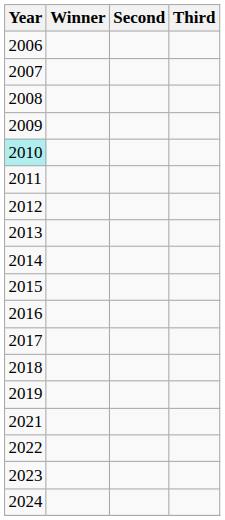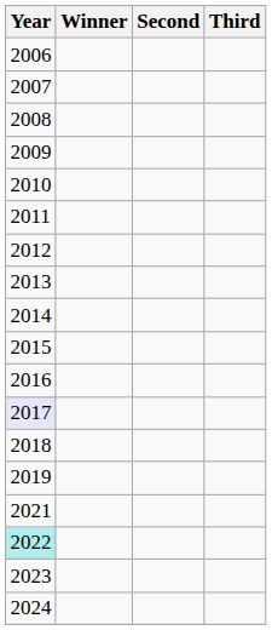 <table class="wikitable">
 <tr>
 <th>Year</th>
 <th>Winner</th>
 <th>Second</th>
 <th>Third</th>
 </tr>
 <tr>
 <td>2006</td>
 <td></td>
 <td></td>
 <td></td>
 </tr>
 <tr>
 <td>2007</td>
 <td></td>
 <td></td>
 <td></td>
 </tr>
 <tr>
 <td>2008</td>
 <td></td>
 <td></td>
 <td></td>
 </tr>
 <tr>
 <td>2009</td>
 <td></td>
 <td></td>
 <td></td>
 </tr>
 <tr>
-<td style="background: paleturquoise;">2010</td>
+<td>2010</td>
 <td></td>
 <td></td>
 <td></td>
 </tr>
 <tr>
 <td>2011</td>
 <td></td>
 <td></td>
 <td></td>
 </tr>
 <tr>
 <td>2012</td>
 <td></td>
 <td></td>
 <td></td>
 </tr>
 <tr>
 <td>2013</td>
 <td></td>
 <td></td>
 <td></td>
 </tr>
 <tr>
 <td>2014</td>
 <td></td>
 <td></td>
 <td></td>
 </tr>
 <tr>
 <td>2015</td>
 <td></td>
 <td></td>
 <td></td>
 </tr>
 <tr>
 <td>2016</td>
 <td></td>
 <td></td>
 <td></td>
 </tr>
 <tr>
-<td>2017</td>
+<td style="background: lavender;">2017</td>
 <td></td>
 <td></td>
 <td></td>
 </tr>
 <tr>
 <td>2018</td>
 <td></td>
 <td></td>
 <td></td>
 </tr>
 <tr>
 <td>2019</td>
 <td></td>
 <td></td>
 <td></td>
 </tr>
 <tr>
 <td>2021</td>
 <td></td>
 <td></td>
 <td></td>
 </tr>
 <tr>
-<td>2022</td>
+<td style="background: paleturquoise;">2022</td>
 <td></td>
 <td></td>
 <td></td>
 </tr>
 <tr>
 <td>2023</td>
 <td></td>
 <td></td>
 <td></td>
 </tr>
 <tr>
 <td>2024</td>
 <td></td>
 <td></td>
 <td></td>
 </tr>
 <tr>
 </tr>
 </table>
